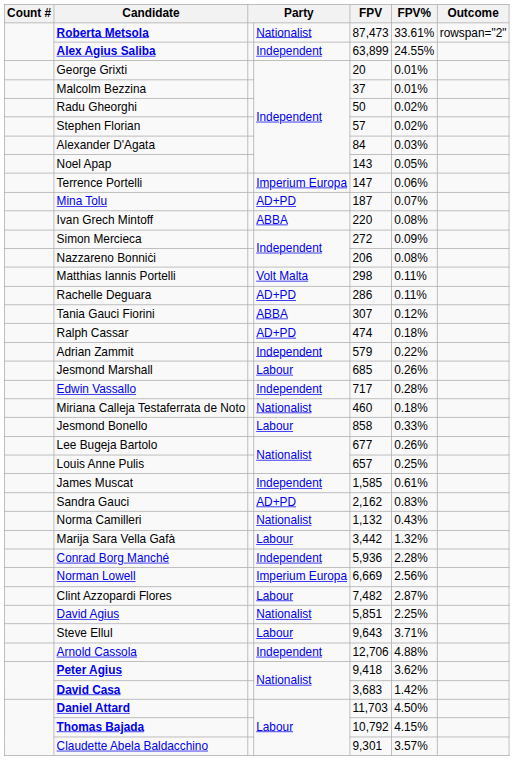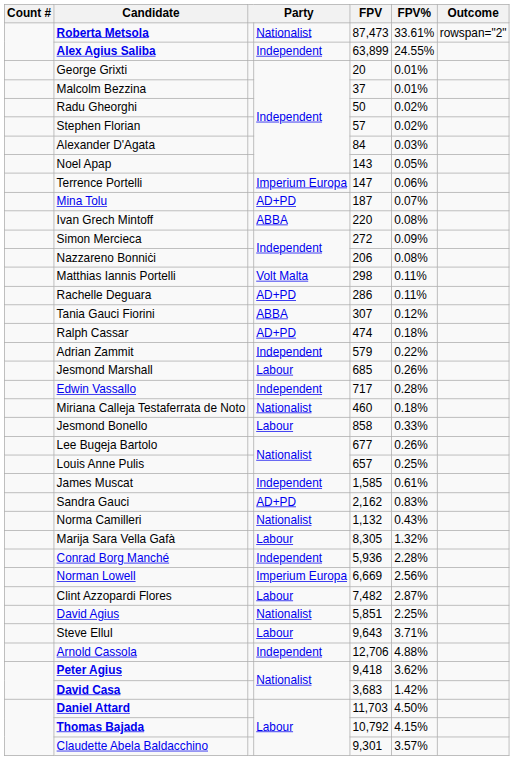 <table class="wikitable sortable">
 <tr>
 <th>Count #</th>
 <th>Candidate</th>
 <th colspan="2">Party</th>
 <th>FPV</th>
 <th>FPV%</th>
 <th>Outcome</th>
 </tr>
 <tr>
 <td rowspan="2"></td>
 <td><strong><a href='#'>Roberta Metsola</a></strong></td>
 <td style="background:"></td>
 <td><a href='#'>Nationalist</a></td>
 <td>87,473</td>
 <td>33.61%</td>
 <td>rowspan="2" </td>
 </tr>
 <tr>
 <td><strong><a href='#'>Alex Agius Saliba</a></strong></td>
 <td style="background:"></td>
 <td><a href='#'>Independent</a></td>
 <td>63,899</td>
 <td>24.55%</td>
 </tr>
 <tr>
 <td></td>
 <td>George Grixti</td>
 <td style="background:"></td>
 <td rowspan="6"><a href='#'>Independent</a></td>
 <td>20</td>
 <td>0.01%</td>
 <td></td>
 </tr>
 <tr>
 <td></td>
 <td>Malcolm Bezzina</td>
 <td style="background:"></td>
 <td>37</td>
 <td>0.01%</td>
 <td></td>
 </tr>
 <tr>
 <td></td>
 <td>Radu Gheorghi</td>
 <td style="background:"></td>
 <td>50</td>
 <td>0.02%</td>
 <td></td>
 </tr>
 <tr>
 <td></td>
 <td>Stephen Florian</td>
 <td style="background:"></td>
 <td>57</td>
 <td>0.02%</td>
 <td></td>
 </tr>
 <tr>
 <td></td>
 <td>Alexander D'Agata</td>
 <td style="background:"></td>
 <td>84</td>
 <td>0.03%</td>
 <td></td>
 </tr>
 <tr>
 <td></td>
 <td>Noel Apap</td>
 <td style="background:"></td>
 <td>143</td>
 <td>0.05%</td>
 <td></td>
 </tr>
 <tr>
 <td></td>
 <td>Terrence Portelli</td>
 <td style="background:"></td>
 <td><a href='#'>Imperium Europa</a></td>
 <td>147</td>
 <td>0.06%</td>
 <td></td>
 </tr>
 <tr>
 <td></td>
 <td><a href='#'>Mina Tolu</a></td>
 <td style="background:"></td>
 <td><a href='#'>AD+PD</a></td>
 <td>187</td>
 <td>0.07%</td>
 <td></td>
 </tr>
 <tr>
 <td></td>
 <td>Ivan Grech Mintoff</td>
 <td style="background:"></td>
 <td><a href='#'>ABBA</a></td>
 <td>220</td>
 <td>0.08%</td>
 <td></td>
 </tr>
 <tr>
 <td></td>
 <td>Simon Mercieca</td>
 <td style="background:"></td>
 <td rowspan="2"><a href='#'>Independent</a></td>
 <td>272</td>
 <td>0.09%</td>
 <td></td>
 </tr>
 <tr>
 <td></td>
 <td>Nazzareno Bonniċi</td>
 <td style="background:"></td>
 <td>206</td>
 <td>0.08%</td>
 <td></td>
 </tr>
 <tr>
 <td></td>
 <td>Matthias Iannis Portelli</td>
 <td style="background:"></td>
 <td><a href='#'>Volt Malta</a></td>
 <td>298</td>
 <td>0.11%</td>
 <td></td>
 </tr>
 <tr>
 <td></td>
 <td>Rachelle Deguara</td>
 <td style="background:"></td>
 <td><a href='#'>AD+PD</a></td>
 <td>286</td>
 <td>0.11%</td>
 <td></td>
 </tr>
 <tr>
 <td></td>
 <td>Tania Gauci Fiorini</td>
 <td style="background:"></td>
 <td><a href='#'>ABBA</a></td>
 <td>307</td>
 <td>0.12%</td>
 <td></td>
 </tr>
 <tr>
 <td></td>
 <td>Ralph Cassar</td>
 <td style="background:"></td>
 <td><a href='#'>AD+PD</a></td>
 <td>474</td>
 <td>0.18%</td>
 <td></td>
 </tr>
 <tr>
 <td></td>
 <td>Adrian Zammit</td>
 <td style="background:"></td>
 <td><a href='#'>Independent</a></td>
 <td>579</td>
 <td>0.22%</td>
 <td></td>
 </tr>
 <tr>
 <td></td>
 <td>Jesmond Marshall</td>
 <td style="background:"></td>
 <td><a href='#'>Labour</a></td>
 <td>685</td>
 <td>0.26%</td>
 <td></td>
 </tr>
 <tr>
 <td></td>
 <td><a href='#'>Edwin Vassallo</a></td>
 <td style="background:"></td>
 <td><a href='#'>Independent</a></td>
 <td>717</td>
 <td>0.28%</td>
 <td></td>
 </tr>
 <tr>
 <td></td>
 <td>Miriana Calleja Testaferrata de Noto</td>
 <td style="background:"></td>
 <td><a href='#'>Nationalist</a></td>
 <td>460</td>
 <td>0.18%</td>
 <td></td>
 </tr>
 <tr>
 <td></td>
 <td>Jesmond Bonello</td>
 <td style="background:"></td>
 <td><a href='#'>Labour</a></td>
 <td>858</td>
 <td>0.33%</td>
 <td></td>
 </tr>
 <tr>
 <td></td>
 <td>Lee Bugeja Bartolo</td>
 <td style="background:"></td>
 <td rowspan="2"><a href='#'>Nationalist</a></td>
 <td>677</td>
 <td>0.26%</td>
 <td></td>
 </tr>
 <tr>
 <td></td>
 <td>Louis Anne Pulis</td>
 <td style="background:"></td>
 <td>657</td>
 <td>0.25%</td>
 <td></td>
 </tr>
 <tr>
 <td></td>
 <td>James Muscat</td>
 <td style="background:"></td>
 <td><a href='#'>Independent</a></td>
 <td>1,585</td>
 <td>0.61%</td>
 <td></td>
 </tr>
 <tr>
 <td></td>
 <td>Sandra Gauci</td>
 <td style="background:"></td>
 <td><a href='#'>AD+PD</a></td>
 <td>2,162</td>
 <td>0.83%</td>
 <td></td>
 </tr>
 <tr>
 <td></td>
 <td>Norma Camilleri</td>
 <td style="background:"></td>
 <td><a href='#'>Nationalist</a></td>
 <td>1,132</td>
 <td>0.43%</td>
 <td></td>
 </tr>
 <tr>
 <td></td>
 <td>Marija Sara Vella Gafà</td>
 <td style="background:"></td>
 <td><a href='#'>Labour</a></td>
-<td>3,442</td>
+<td>8,305</td>
 <td>1.32%</td>
 <td></td>
 </tr>
 <tr>
 <td></td>
 <td><a href='#'>Conrad Borg Manché</a></td>
 <td style="background:"></td>
 <td><a href='#'>Independent</a></td>
 <td>5,936</td>
 <td>2.28%</td>
 <td></td>
 </tr>
 <tr>
 <td></td>
 <td><a href='#'>Norman Lowell</a></td>
 <td style="background:"></td>
 <td><a href='#'>Imperium Europa</a></td>
 <td>6,669</td>
 <td>2.56%</td>
 <td></td>
 </tr>
 <tr>
 <td></td>
 <td>Clint Azzopardi Flores</td>
 <td style="background:"></td>
 <td><a href='#'>Labour</a></td>
 <td>7,482</td>
 <td>2.87%</td>
 <td></td>
 </tr>
 <tr>
 <td></td>
 <td><a href='#'>David Agius</a></td>
 <td style="background:"></td>
 <td><a href='#'>Nationalist</a></td>
 <td>5,851</td>
 <td>2.25%</td>
 <td></td>
 </tr>
 <tr>
 <td></td>
 <td>Steve Ellul</td>
 <td style="background:"></td>
 <td><a href='#'>Labour</a></td>
 <td>9,643</td>
 <td>3.71%</td>
 <td></td>
 </tr>
 <tr>
 <td></td>
 <td><a href='#'>Arnold Cassola</a></td>
 <td style="background:"></td>
 <td><a href='#'>Independent</a></td>
 <td>12,706</td>
 <td>4.88%</td>
 <td></td>
 </tr>
 <tr>
 <td rowspan="2"></td>
 <td><strong><a href='#'>Peter Agius</a></strong></td>
 <td style="background:"></td>
 <td rowspan="2"><a href='#'>Nationalist</a></td>
 <td>9,418</td>
 <td>3.62%</td>
 <td></td>
 </tr>
 <tr>
 <td><strong><a href='#'>David Casa</a></strong></td>
 <td style="background:"></td>
 <td>3,683</td>
 <td>1.42%</td>
 <td></td>
 </tr>
 <tr>
 <td rowspan="3"></td>
 <td><strong><a href='#'>Daniel Attard</a></strong></td>
 <td style="background:"></td>
 <td rowspan="3"><a href='#'>Labour</a></td>
 <td>11,703</td>
 <td>4.50%</td>
 <td></td>
 </tr>
 <tr>
 <td><strong><a href='#'>Thomas Bajada</a></strong></td>
 <td style="background:"></td>
 <td>10,792</td>
 <td>4.15%</td>
 <td></td>
 </tr>
 <tr>
 <td><a href='#'>Claudette Abela Baldacchino</a></td>
 <td style="background:"></td>
 <td>9,301</td>
 <td>3.57%</td>
 <td></td>
 </tr>
 </table>
